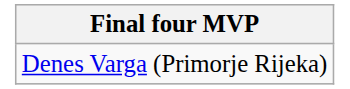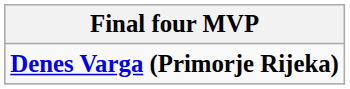 <table class=wikitable style="text-align:left; margin:auto">
 <tr>
 <th>Final four MVP</th>
 </tr>
 <tr>
-<td> <a href='#'>Denes Varga</a> (Primorje Rijeka)</td>
+<td><strong> <a href='#'>Denes Varga</a> (Primorje Rijeka)</strong></td>
 </tr>
 </table>
